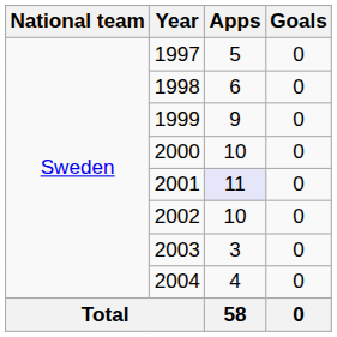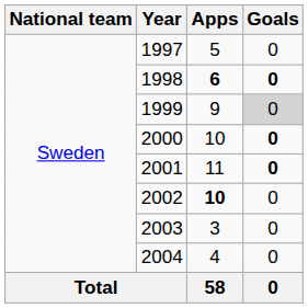 <table class="wikitable" style="text-align:center">
 <tr>
 <th>National team</th>
 <th>Year</th>
 <th>Apps</th>
 <th>Goals</th>
 </tr>
 <tr>
 <td rowspan="8"><a href='#'>Sweden</a></td>
 <td>1997</td>
 <td>5</td>
 <td>0</td>
 </tr>
 <tr>
 <td>1998</td>
-<td>6</td>
-<td>0</td>
+<td><strong>6</strong></td>
+<td><strong>0</strong></td>
 </tr>
 <tr>
 <td>1999</td>
 <td>9</td>
-<td>0</td>
+<td style="background: lightgrey;">0</td>
 </tr>
 <tr>
 <td>2000</td>
 <td>10</td>
-<td>0</td>
+<td><strong>0</strong></td>
 </tr>
 <tr>
 <td>2001</td>
-<td style="background: lavender;">11</td>
-<td>0</td>
+<td>11</td>
+<td><strong>0</strong></td>
 </tr>
 <tr>
 <td>2002</td>
-<td>10</td>
+<td><strong>10</strong></td>
 <td>0</td>
 </tr>
 <tr>
 <td>2003</td>
 <td>3</td>
 <td>0</td>
 </tr>
 <tr>
 <td>2004</td>
 <td>4</td>
 <td>0</td>
 </tr>
 <tr>
 <th colspan="2">Total</th>
 <th>58</th>
 <th>0</th>
 </tr>
 </table>
